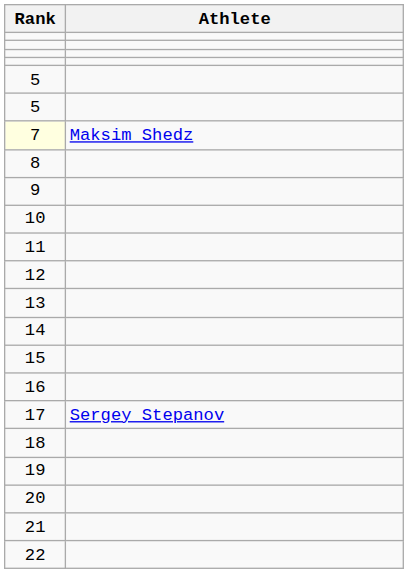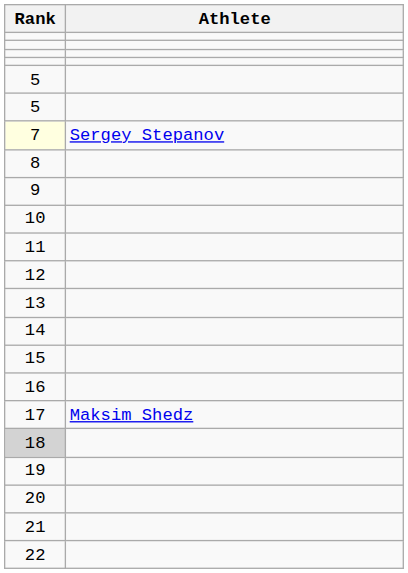 <table class="wikitable" style="text-align: center;">
 <tr>
 <th width=40>Rank</th>
 <th width=250>Athlete</th>
 </tr>
 <tr>
 <td></td>
 <td align="left"></td>
 </tr>
 <tr>
 <td></td>
 <td align="left"></td>
 </tr>
 <tr>
 <td></td>
 <td align="left"></td>
 </tr>
 <tr>
 <td></td>
 <td align="left"></td>
 </tr>
 <tr>
 <td>5</td>
 <td align="left"></td>
 </tr>
 <tr>
 <td>5</td>
 <td align="left"></td>
 </tr>
 <tr>
 <td style="background: lightyellow;">7</td>
-<td align="left"> <a href='#'>Maksim Shedz</a> </td>
+<td align="left"> <a href='#'>Sergey Stepanov</a> </td>
 </tr>
 <tr>
 <td>8</td>
 <td align="left"></td>
 </tr>
 <tr>
 <td>9</td>
 <td align="left"></td>
 </tr>
 <tr>
 <td>10</td>
 <td align="left"></td>
 </tr>
 <tr>
 <td>11</td>
 <td align="left"></td>
 </tr>
 <tr>
 <td>12</td>
 <td align="left"></td>
 </tr>
 <tr>
 <td>13</td>
 <td align="left"></td>
 </tr>
 <tr>
 <td>14</td>
 <td align="left"></td>
 </tr>
 <tr>
 <td>15</td>
 <td align="left"></td>
 </tr>
 <tr>
 <td>16</td>
 <td align="left"></td>
 </tr>
 <tr>
 <td>17</td>
-<td align="left"> <a href='#'>Sergey Stepanov</a> </td>
+<td align="left"> <a href='#'>Maksim Shedz</a> </td>
 </tr>
 <tr>
-<td>18</td>
+<td style="background: lightgrey;">18</td>
 <td align="left"></td>
 </tr>
 <tr>
 <td>19</td>
 <td align="left"></td>
 </tr>
 <tr>
 <td>20</td>
 <td align="left"></td>
 </tr>
 <tr>
 <td>21</td>
 <td align="left"></td>
 </tr>
 <tr>
 <td>22</td>
 <td align="left"></td>
 </tr>
 </table>
